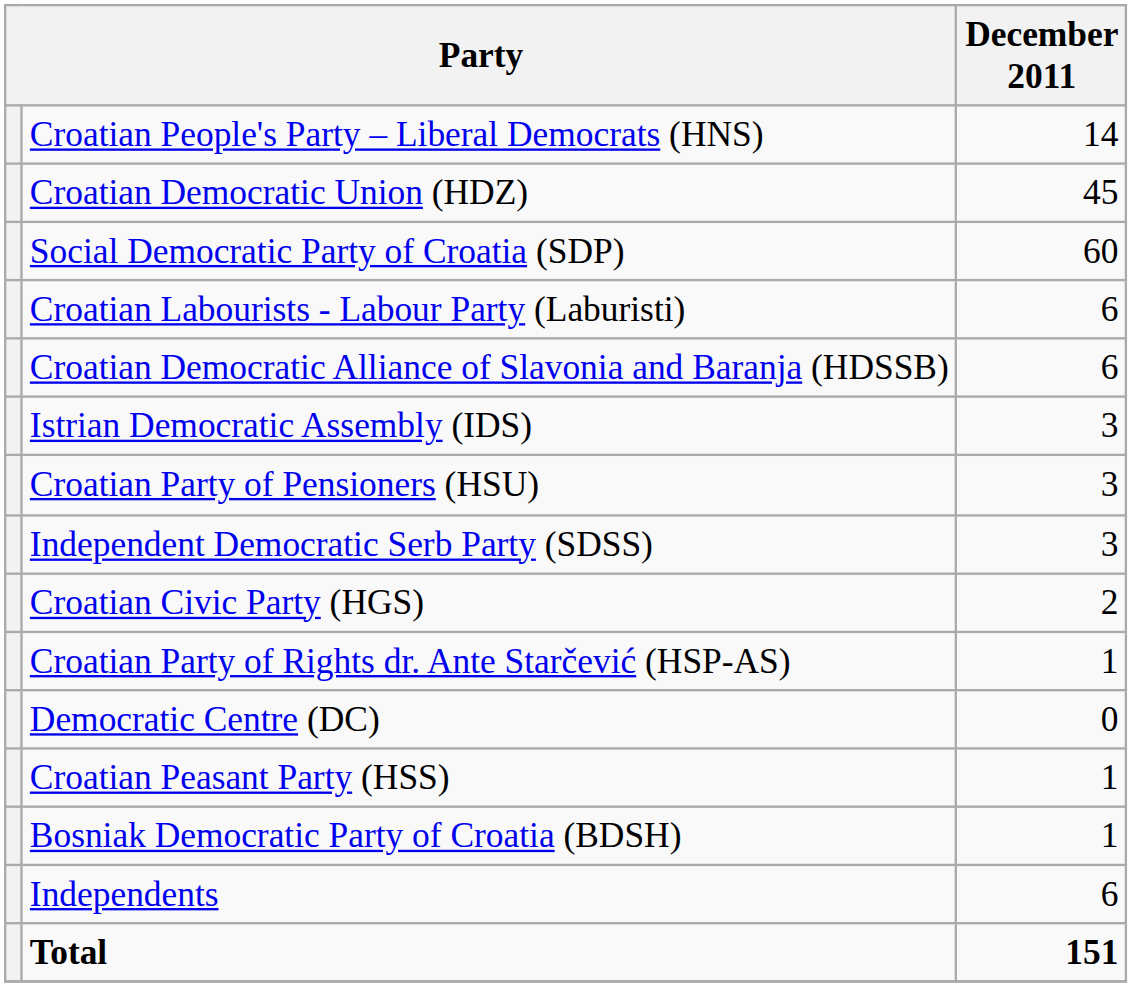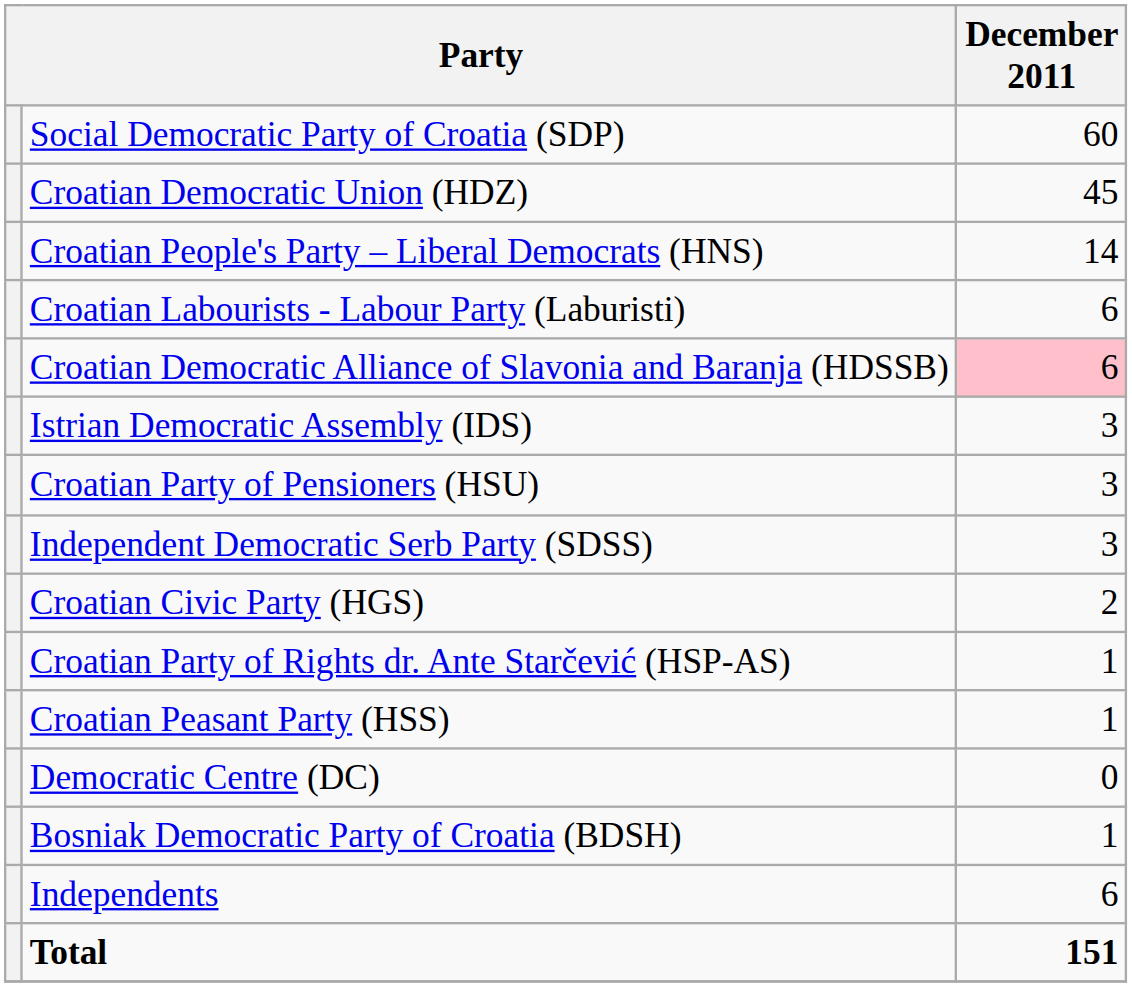 <table class="wikitable" style="font-size: 95%;">
 <tr>
 <th colspan=2>Party</th>
 <th>December<br> 2011</th>
 </tr>
 <tr>
 <th style="background-color: "></th>
-<td><a href='#'>Croatian People's Party – Liberal Democrats</a> (HNS)</td>
-<td align="right">14</td>
+<td><a href='#'>Social Democratic Party of Croatia</a> (SDP)</td>
+<td align="right">60</td>
 </tr>
 <tr>
 <th style="background-color: "></th>
 <td><a href='#'>Croatian Democratic Union</a> (HDZ)</td>
 <td align="right">45</td>
 </tr>
 <tr>
 <th style="background-color: "></th>
-<td><a href='#'>Social Democratic Party of Croatia</a> (SDP)</td>
-<td align="right">60</td>
+<td><a href='#'>Croatian People's Party – Liberal Democrats</a> (HNS)</td>
+<td align="right">14</td>
 </tr>
 <tr>
 <th style="background-color: "></th>
 <td><a href='#'>Croatian Labourists - Labour Party</a> (Laburisti)</td>
 <td align="right">6</td>
 </tr>
 <tr>
 <th style="background-color: "></th>
 <td><a href='#'>Croatian Democratic Alliance of Slavonia and Baranja</a> (HDSSB)</td>
-<td align="right">6</td>
+<td align="right" style="background: pink;">6</td>
 </tr>
 <tr>
 <th style="background-color: "></th>
 <td><a href='#'>Istrian Democratic Assembly</a> (IDS)</td>
 <td align="right">3</td>
 </tr>
 <tr>
 <th style="background-color: "></th>
 <td><a href='#'>Croatian Party of Pensioners</a> (HSU)</td>
 <td align="right">3</td>
 </tr>
 <tr>
 <th style="background-color: "></th>
 <td><a href='#'>Independent Democratic Serb Party</a> (SDSS)</td>
 <td align="right">3</td>
 </tr>
 <tr>
 <th style="background-color: "></th>
 <td><a href='#'>Croatian Civic Party</a> (HGS)</td>
 <td align="right">2</td>
 </tr>
 <tr>
 <th style="background-color: "></th>
 <td><a href='#'>Croatian Party of Rights dr. Ante Starčević</a> (HSP-AS)</td>
 <td align="right">1</td>
 </tr>
 <tr>
 <th style="background-color: "></th>
-<td><a href='#'>Democratic Centre</a> (DC)</td>
-<td align="right">0</td>
+<td><a href='#'>Croatian Peasant Party</a> (HSS)</td>
+<td align="right">1</td>
 </tr>
 <tr>
 <th style="background-color: "></th>
-<td><a href='#'>Croatian Peasant Party</a> (HSS)</td>
-<td align="right">1</td>
+<td><a href='#'>Democratic Centre</a> (DC)</td>
+<td align="right">0</td>
 </tr>
 <tr>
 <th style="background-color: "></th>
 <td><a href='#'>Bosniak Democratic Party of Croatia</a> (BDSH)</td>
 <td align="right">1</td>
 </tr>
 <tr>
 <th style="background-color: "></th>
 <td><a href='#'>Independents</a></td>
 <td align="right">6</td>
 </tr>
 <tr>
 <th style="background-color: "></th>
 <td><strong>Total</strong></td>
 <td align="right"><strong>151</strong></td>
 </tr>
 <tr>
 </tr>
 </table>
